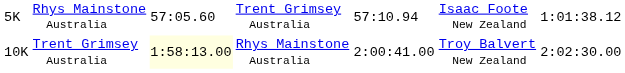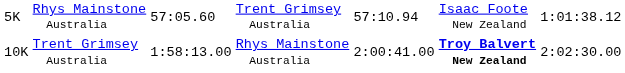 <table>
 <tr>
 <td>5K</td>
 <td><a href='#'>Rhys Mainstone</a> <small><br>   Australia </small></td>
 <td>57:05.60</td>
 <td><a href='#'>Trent Grimsey</a> <small><br>   Australia </small></td>
 <td>57:10.94</td>
 <td><a href='#'>Isaac Foote</a> <small><br>   New Zealand </small></td>
 <td>1:01:38.12</td>
 </tr>
 <tr>
 <td>10K</td>
 <td><a href='#'>Trent Grimsey</a> <small><br>   Australia </small></td>
-<td style="background: lightyellow;">1:58:13.00</td>
+<td>1:58:13.00</td>
 <td><a href='#'>Rhys Mainstone</a> <small><br>   Australia </small></td>
 <td>2:00:41.00</td>
-<td><a href='#'>Troy Balvert</a> <small><br>   New Zealand </small></td>
+<td><strong><a href='#'>Troy Balvert</a> <small><br>   New Zealand </small></strong></td>
 <td>2:02:30.00</td>
 </tr>
 <tr>
 </tr>
 </table>
